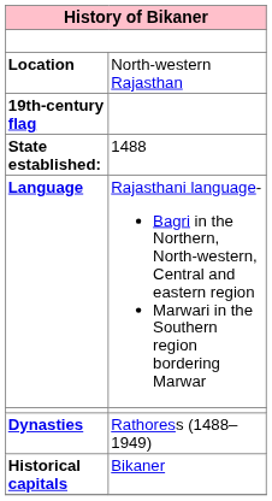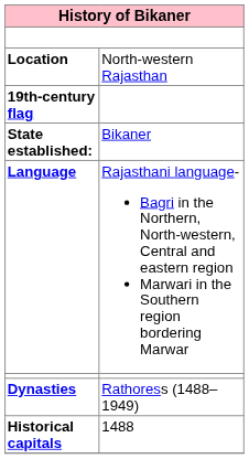 <table class="toccolours" border="1" cellpadding="2" cellspacing="2" style="float: right; margin: 0 0 1em 1em; width: 250px; border-collapse: collapse; font-size: 95%;">
 <tr>
 <td colspan="2" style="margin-left: inherit; background:#FFC0CB; text-align:center; font-size: medium;"><strong>History of Bikaner</strong></td>
 </tr>
 <tr align="center">
 <td colspan="2"><div><br></div></td>
 </tr>
 <tr style="vertical-align: top;">
 <td><strong>Location</strong></td>
 <td>North-western <a href='#'>Rajasthan</a></td>
 </tr>
 <tr style="vertical-align: top;">
 <td><strong>19th-century <a href='#'>flag</a></strong></td>
 <td></td>
 </tr>
 <tr style="vertical-align: top;">
 <td><strong>State established:</strong></td>
-<td>1488</td>
+<td><a href='#'>Bikaner</a></td>
 </tr>
 <tr style="vertical-align: top;">
 <td><strong><a href='#'>Language</a></strong></td>
 <td><a href='#'>Rajasthani language</a>-<br><ul><li><a href='#'>Bagri</a> in the Northern, North-western, Central and eastern region</li><li>Marwari in the Southern region bordering Marwar</li></ul></td>
 </tr>
 <tr>
 <td></td>
 <td></td>
 </tr>
 <tr style="vertical-align: top;">
 <td><strong><a href='#'>Dynasties</a></strong></td>
 <td><a href='#'>Rathores</a>s (1488–1949)</td>
 </tr>
 <tr style="vertical-align: top;">
 <td><strong>Historical <a href='#'>capitals</a></strong></td>
-<td><a href='#'>Bikaner</a></td>
+<td>1488</td>
 </tr>
 <tr style="vertical-align: top;">
 </tr>
 </table>
